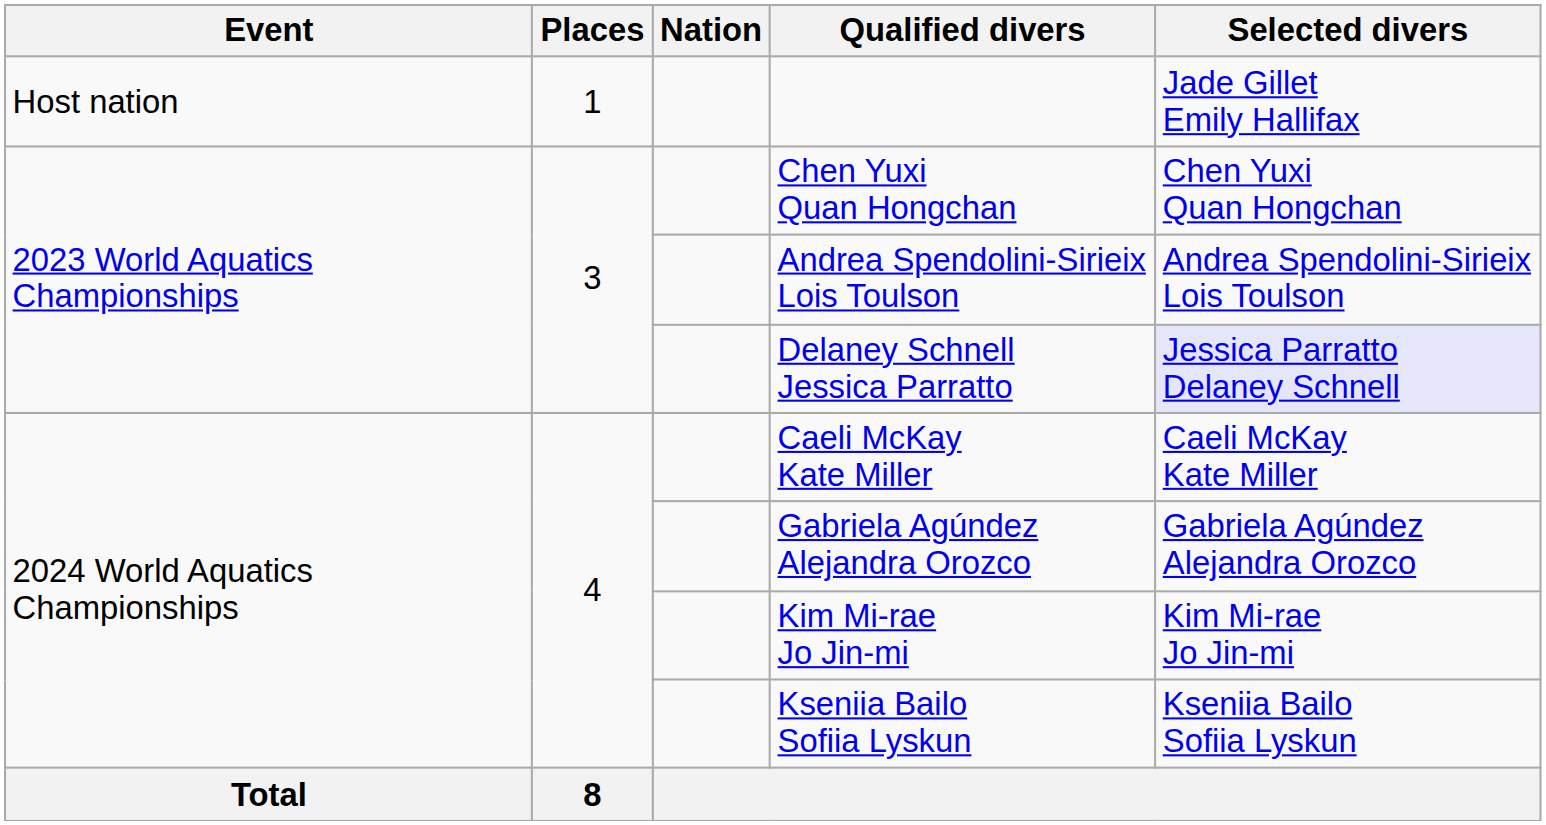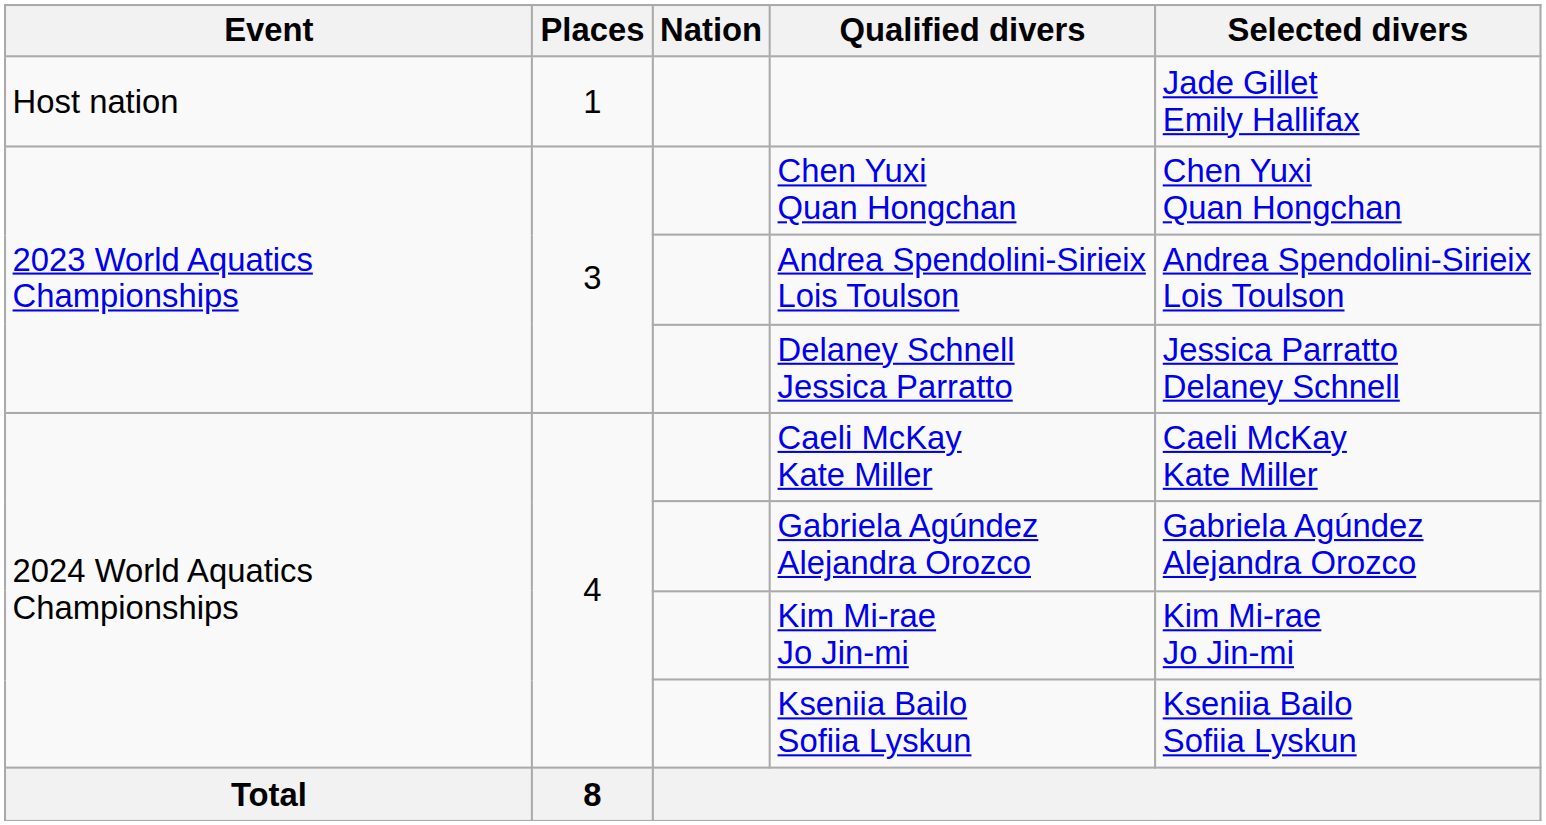 <table class="wikitable" width=750>
 <tr>
 <th width=250>Event</th>
 <th>Places</th>
 <th>Nation</th>
 <th>Qualified divers</th>
 <th>Selected divers</th>
 </tr>
 <tr>
 <td>Host nation</td>
 <td align=center>1</td>
 <td></td>
 <td></td>
 <td><a href='#'>Jade Gillet</a><br><a href='#'>Emily Hallifax</a></td>
 </tr>
 <tr>
 <td rowspan=3><a href='#'>2023 World Aquatics Championships</a></td>
 <td rowspan=3 align=center>3</td>
 <td></td>
 <td><a href='#'>Chen Yuxi</a><br><a href='#'>Quan Hongchan</a></td>
 <td><a href='#'>Chen Yuxi</a><br><a href='#'>Quan Hongchan</a></td>
 </tr>
 <tr>
 <td></td>
 <td><a href='#'>Andrea Spendolini-Sirieix</a><br><a href='#'>Lois Toulson</a></td>
 <td><a href='#'>Andrea Spendolini-Sirieix</a><br><a href='#'>Lois Toulson</a></td>
 </tr>
 <tr>
 <td></td>
 <td><a href='#'>Delaney Schnell</a><br><a href='#'>Jessica Parratto</a></td>
-<td style="background: lavender;"><a href='#'>Jessica Parratto</a><br><a href='#'>Delaney Schnell</a></td>
+<td><a href='#'>Jessica Parratto</a><br><a href='#'>Delaney Schnell</a></td>
 </tr>
 <tr>
 <td rowspan=4>2024 World Aquatics Championships</td>
 <td rowspan=4 align=center>4</td>
 <td></td>
 <td><a href='#'>Caeli McKay</a><br><a href='#'>Kate Miller</a></td>
 <td><a href='#'>Caeli McKay</a><br><a href='#'>Kate Miller</a></td>
 </tr>
 <tr>
 <td></td>
 <td><a href='#'>Gabriela Agúndez</a><br><a href='#'>Alejandra Orozco</a></td>
 <td><a href='#'>Gabriela Agúndez</a><br><a href='#'>Alejandra Orozco</a></td>
 </tr>
 <tr>
 <td></td>
 <td><a href='#'>Kim Mi-rae</a><br><a href='#'>Jo Jin-mi</a></td>
 <td><a href='#'>Kim Mi-rae</a><br><a href='#'>Jo Jin-mi</a></td>
 </tr>
 <tr>
 <td></td>
 <td><a href='#'>Kseniia Bailo</a><br><a href='#'>Sofiia Lyskun</a></td>
 <td><a href='#'>Kseniia Bailo</a><br><a href='#'>Sofiia Lyskun</a></td>
 </tr>
 <tr>
 <th>Total</th>
 <th>8</th>
 <th colspan=3></th>
 </tr>
 </table>
